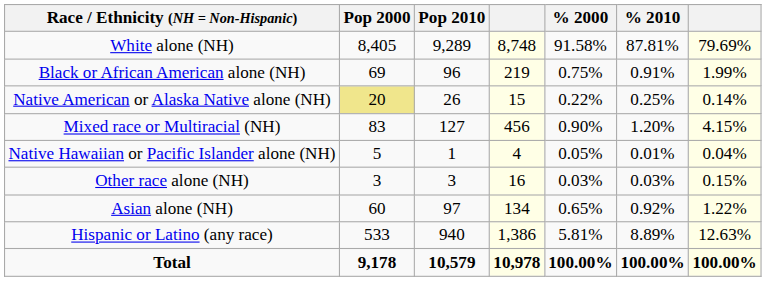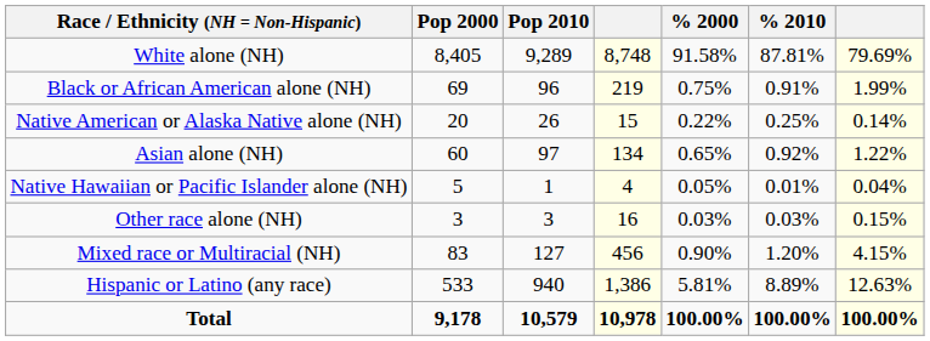 <table class="wikitable" style="text-align:center;">
 <tr>
 <th>Race / Ethnicity <small>(<em>NH = Non-Hispanic</em>)</small></th>
 <th>Pop 2000</th>
 <th>Pop 2010</th>
 <th></th>
 <th>% 2000</th>
 <th>% 2010</th>
 <th></th>
 </tr>
 <tr>
 <td><a href='#'>White</a> alone (NH)</td>
 <td>8,405</td>
 <td>9,289</td>
 <td style='background: #ffffe6;'>8,748</td>
 <td>91.58%</td>
 <td>87.81%</td>
 <td style='background: #ffffe6;'>79.69%</td>
 </tr>
 <tr>
 <td><a href='#'>Black or African American</a> alone (NH)</td>
 <td>69</td>
 <td>96</td>
 <td style='background: #ffffe6;'>219</td>
 <td>0.75%</td>
 <td>0.91%</td>
 <td style='background: #ffffe6;'>1.99%</td>
 </tr>
 <tr>
 <td><a href='#'>Native American</a> or <a href='#'>Alaska Native</a> alone (NH)</td>
-<td style="background: khaki;">20</td>
+<td>20</td>
 <td>26</td>
 <td style='background: #ffffe6;'>15</td>
 <td>0.22%</td>
 <td>0.25%</td>
 <td style='background: #ffffe6;'>0.14%</td>
 </tr>
 <tr>
-<td><a href='#'>Mixed race or Multiracial</a> (NH)</td>
-<td>83</td>
-<td>127</td>
-<td style='background: #ffffe6;'>456</td>
-<td>0.90%</td>
-<td>1.20%</td>
-<td style='background: #ffffe6;'>4.15%</td>
+<td><a href='#'>Asian</a> alone (NH)</td>
+<td>60</td>
+<td>97</td>
+<td style='background: #ffffe6;'>134</td>
+<td>0.65%</td>
+<td>0.92%</td>
+<td style='background: #ffffe6;'>1.22%</td>
 </tr>
 <tr>
 <td><a href='#'>Native Hawaiian</a> or <a href='#'>Pacific Islander</a> alone (NH)</td>
 <td>5</td>
 <td>1</td>
 <td style='background: #ffffe6;'>4</td>
 <td>0.05%</td>
 <td>0.01%</td>
 <td style='background: #ffffe6;'>0.04%</td>
 </tr>
 <tr>
 <td><a href='#'>Other race</a> alone (NH)</td>
 <td>3</td>
 <td>3</td>
 <td style='background: #ffffe6;'>16</td>
 <td>0.03%</td>
 <td>0.03%</td>
 <td style='background: #ffffe6;'>0.15%</td>
 </tr>
 <tr>
-<td><a href='#'>Asian</a> alone (NH)</td>
-<td>60</td>
-<td>97</td>
-<td style='background: #ffffe6;'>134</td>
-<td>0.65%</td>
-<td>0.92%</td>
-<td style='background: #ffffe6;'>1.22%</td>
+<td><a href='#'>Mixed race or Multiracial</a> (NH)</td>
+<td>83</td>
+<td>127</td>
+<td style='background: #ffffe6;'>456</td>
+<td>0.90%</td>
+<td>1.20%</td>
+<td style='background: #ffffe6;'>4.15%</td>
 </tr>
 <tr>
 <td><a href='#'>Hispanic or Latino</a> (any race)</td>
 <td>533</td>
 <td>940</td>
 <td style='background: #ffffe6;'>1,386</td>
 <td>5.81%</td>
 <td>8.89%</td>
 <td style='background: #ffffe6;'>12.63%</td>
 </tr>
 <tr>
 <td><strong>Total</strong></td>
 <td><strong>9,178</strong></td>
 <td><strong>10,579</strong></td>
 <td style='background: #ffffe6;'><strong>10,978</strong></td>
 <td><strong>100.00%</strong></td>
 <td><strong>100.00%</strong></td>
 <td style='background: #ffffe6;'><strong>100.00%</strong></td>
 </tr>
 </table>
